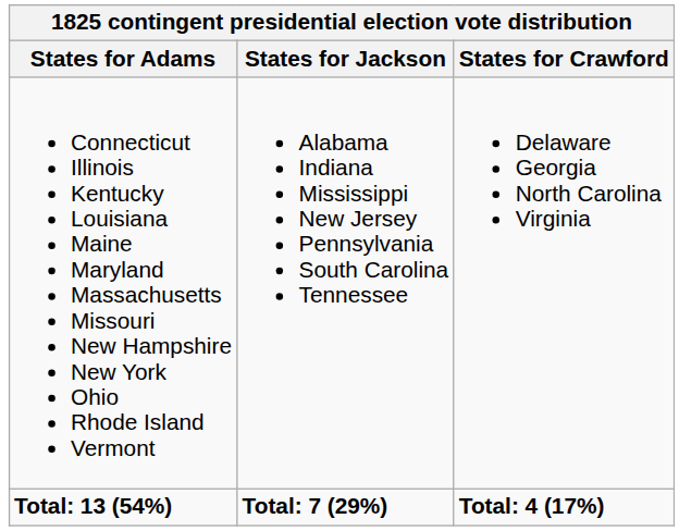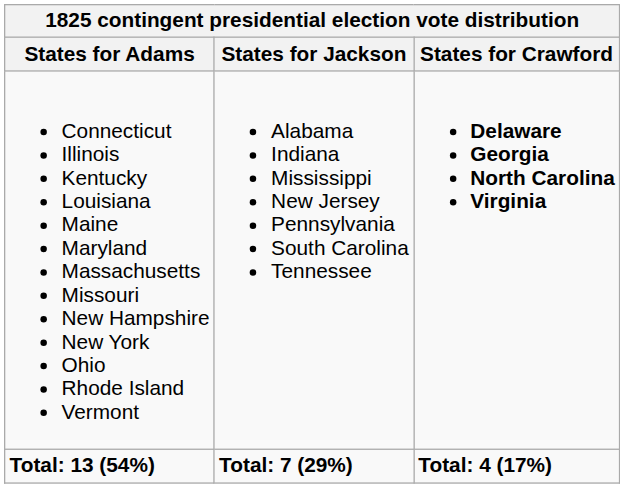 <table class="wikitable" style="margin:0 0 1em 1em; float:right;">
 <tr>
 <th colspan=3>1825 contingent presidential election vote distribution</th>
 </tr>
 <tr>
 <th>States for Adams</th>
 <th>States for Jackson</th>
 <th>States for Crawford</th>
 </tr>
 <tr style="vertical-align:top;">
 <td><br><ul><li>Connecticut</li><li>Illinois</li><li>Kentucky</li><li>Louisiana</li><li>Maine</li><li>Maryland</li><li>Massachusetts</li><li>Missouri</li><li>New Hampshire</li><li>New York</li><li>Ohio</li><li>Rhode Island</li><li>Vermont</li></ul></td>
 <td><br><ul><li>Alabama</li><li>Indiana</li><li>Mississippi</li><li>New Jersey</li><li>Pennsylvania</li><li>South Carolina</li><li>Tennessee</li></ul></td>
-<td><br><ul><li>Delaware</li><li>Georgia</li><li>North Carolina</li><li>Virginia</li></ul></td>
+<td><strong><br><ul><li>Delaware</li><li>Georgia</li><li>North Carolina</li><li>Virginia</li></ul></strong></td>
 </tr>
 <tr>
 <td><strong>Total: 13 (54%)</strong></td>
 <td><strong>Total: 7 (29%)</strong></td>
 <td><strong>Total: 4 (17%)</strong></td>
 </tr>
 </table>
